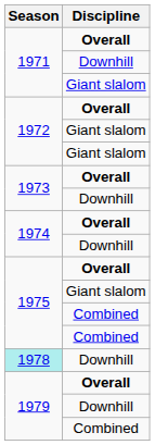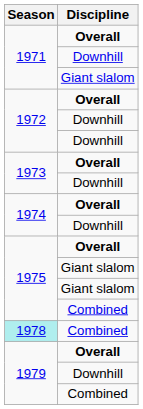 <table class=wikitable style="text-align:center">
 <tr>
 <th>Season</th>
 <th>Discipline</th>
 </tr>
 <tr>
 <td rowspan=3><a href='#'>1971</a></td>
 <td><strong>Overall</strong></td>
 </tr>
 <tr>
 <td><a href='#'>Downhill</a></td>
 </tr>
 <tr>
 <td><a href='#'>Giant slalom</a></td>
 </tr>
 <tr>
 <td rowspan=3><a href='#'>1972</a></td>
 <td><strong>Overall</strong></td>
 </tr>
 <tr>
-<td>Giant slalom</td>
+<td>Downhill</td>
 </tr>
 <tr>
-<td>Giant slalom</td>
+<td align=center>Downhill</td>
 </tr>
 <tr>
 <td rowspan=2><a href='#'>1973</a></td>
 <td><strong>Overall</strong></td>
 </tr>
 <tr>
 <td align=center>Downhill</td>
 </tr>
 <tr>
 <td rowspan=2><a href='#'>1974</a></td>
 <td><strong>Overall</strong></td>
 </tr>
 <tr>
 <td align=center>Downhill</td>
 </tr>
 <tr>
 <td rowspan=4><a href='#'>1975</a></td>
 <td><strong>Overall</strong></td>
 </tr>
 <tr>
 <td>Giant slalom</td>
 </tr>
 <tr>
-<td><a href='#'>Combined</a></td>
+<td>Giant slalom</td>
 </tr>
 <tr>
 <td><a href='#'>Combined</a></td>
 </tr>
 <tr>
 <td style="background: paleturquoise;"><a href='#'>1978</a></td>
-<td>Downhill</td>
+<td><a href='#'>Combined</a></td>
 </tr>
 <tr>
 <td rowspan=3><a href='#'>1979</a></td>
 <td><strong>Overall</strong></td>
 </tr>
 <tr>
 <td>Downhill</td>
 </tr>
 <tr>
 <td>Combined</td>
 </tr>
 </table>
